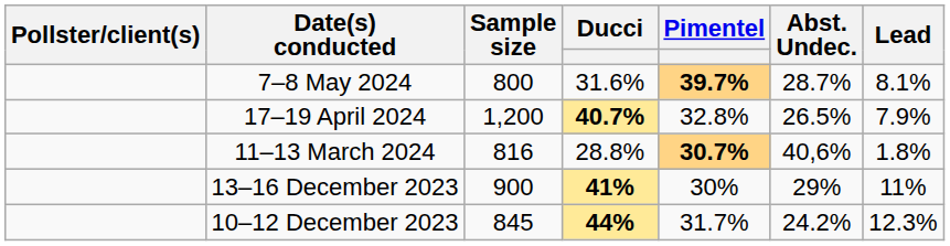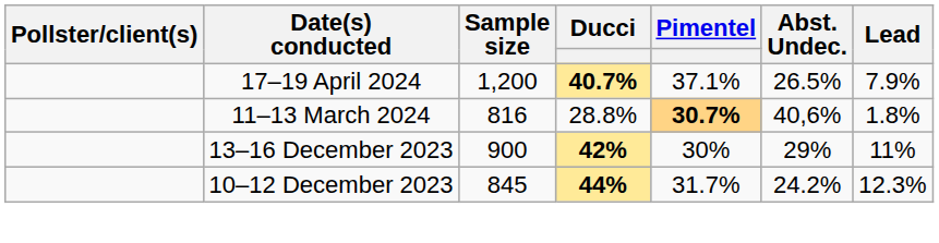 <table class="wikitable" style="text-align:center;font-size:90%;line-height:14px;">
 <tr>
 <th rowspan="2">Pollster/client(s)</th>
 <th rowspan="2">Date(s)<br>conducted</th>
 <th rowspan="2">Sample<br>size</th>
 <th class="unsortable" style="width:50px;">Ducci<br></th>
 <th class="unsortable" style="width:50px;"><a href='#'>Pimentel</a><br></th>
 <th rowspan="2">Abst.<br>Undec.</th>
 <th rowspan="2">Lead</th>
 </tr>
 <tr>
 <th data-sort-type="number" class="sortable" style="background:"></th>
 <th data-sort-type="number" class="sortable" style="background:"></th>
 </tr>
 <tr>
 <td></td>
-<td>7–8 May 2024</td>
-<td>800</td>
-<td>31.6%</td>
-<td style="background:#ffd485;"><strong>39.7%</strong></td>
-<td>28.7%</td>
-<td style="background:">8.1%</td>
-</tr>
-<tr>
-<td></td>
 <td>17–19 April 2024</td>
 <td>1,200</td>
 <td style="background:#ffea98;"><strong>40.7%</strong></td>
-<td>32.8%</td>
+<td>37.1%</td>
 <td>26.5%</td>
 <td style="background:">7.9%</td>
 </tr>
 <tr>
 <td></td>
 <td>11–13 March 2024</td>
 <td>816</td>
 <td>28.8%</td>
 <td style="background:#ffd485;"><strong>30.7%</strong></td>
 <td>40,6%</td>
 <td style="background:">1.8%</td>
 </tr>
 <tr>
 <td></td>
 <td>13–16 December 2023</td>
 <td>900</td>
-<td style="background:#ffea98;"><strong>41%</strong></td>
+<td style="background:#ffea98;"><strong>42%</strong></td>
 <td>30%</td>
 <td>29%</td>
 <td style="background:">11%</td>
 </tr>
 <tr>
 <td></td>
 <td>10–12 December 2023</td>
 <td>845</td>
 <td style="background:#ffea98;"><strong>44%</strong></td>
 <td>31.7%</td>
 <td>24.2%</td>
 <td style="background:">12.3%</td>
 </tr>
 </table>
